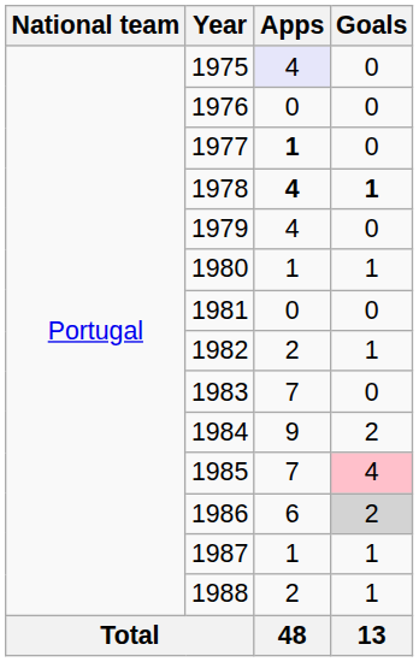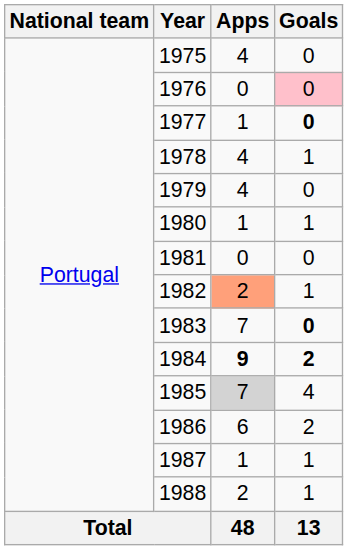 <table class="wikitable" style="text-align:center">
 <tr>
 <th>National team</th>
 <th>Year</th>
 <th>Apps</th>
 <th>Goals</th>
 </tr>
 <tr>
 <td rowspan="14"><a href='#'>Portugal</a></td>
 <td>1975</td>
-<td style="background: lavender;">4</td>
+<td>4</td>
 <td>0</td>
 </tr>
 <tr>
 <td>1976</td>
 <td>0</td>
-<td>0</td>
+<td style="background: pink;">0</td>
 </tr>
 <tr>
 <td>1977</td>
-<td><strong>1</strong></td>
-<td>0</td>
+<td>1</td>
+<td><strong>0</strong></td>
 </tr>
 <tr>
 <td>1978</td>
-<td><strong>4</strong></td>
-<td><strong>1</strong></td>
+<td>4</td>
+<td>1</td>
 </tr>
 <tr>
 <td>1979</td>
 <td>4</td>
 <td>0</td>
 </tr>
 <tr>
 <td>1980</td>
 <td>1</td>
 <td>1</td>
 </tr>
 <tr>
 <td>1981</td>
 <td>0</td>
 <td>0</td>
 </tr>
 <tr>
 <td>1982</td>
-<td>2</td>
+<td style="background: lightsalmon;">2</td>
 <td>1</td>
 </tr>
 <tr>
 <td>1983</td>
 <td>7</td>
-<td>0</td>
+<td><strong>0</strong></td>
 </tr>
 <tr>
 <td>1984</td>
-<td>9</td>
-<td>2</td>
+<td><strong>9</strong></td>
+<td><strong>2</strong></td>
 </tr>
 <tr>
 <td>1985</td>
-<td>7</td>
-<td style="background: pink;">4</td>
+<td style="background: lightgrey;">7</td>
+<td>4</td>
 </tr>
 <tr>
 <td>1986</td>
 <td>6</td>
-<td style="background: lightgrey;">2</td>
+<td>2</td>
 </tr>
 <tr>
 <td>1987</td>
 <td>1</td>
 <td>1</td>
 </tr>
 <tr>
 <td>1988</td>
 <td>2</td>
 <td>1</td>
 </tr>
 <tr>
 <th colspan="2">Total</th>
 <th>48</th>
 <th>13</th>
 </tr>
 </table>
